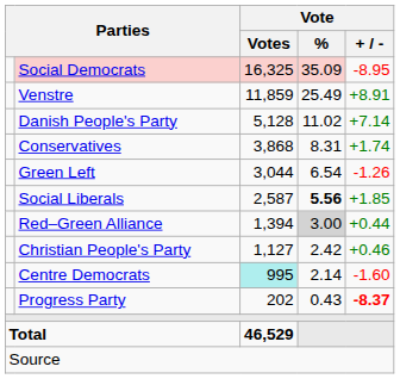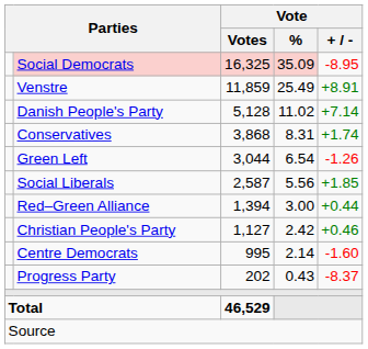 <table class="wikitable" style="text-align:right;">
 <tr>
 <th style="text-align:centre;" rowspan="2" colspan="2" width="225">Parties</th>
 <th colspan="3">Vote</th>
 </tr>
 <tr>
 <th width="15">Votes</th>
 <th width="15">%</th>
 <th width="15">+ / -</th>
 </tr>
 <tr>
 <td width="2" style="color:inherit;background:"></td>
 <td bgcolor=#fbd0ce  align="left"><a href='#'>Social Democrats</a></td>
 <td bgcolor=#fbd0ce>16,325</td>
 <td bgcolor=#fbd0ce>35.09</td>
 <td style=color:red;>-8.95</td>
 </tr>
 <tr>
 <td width="2" style="color:inherit;background:"></td>
 <td align="left"><a href='#'>Venstre</a></td>
 <td>11,859</td>
 <td>25.49</td>
 <td style=color:green;>+8.91</td>
 </tr>
 <tr>
 <td width="2" style="color:inherit;background:"></td>
 <td align="left"><a href='#'>Danish People's Party</a></td>
 <td>5,128</td>
 <td>11.02</td>
 <td style=color:green;>+7.14</td>
 </tr>
 <tr>
 <td width="2" style="color:inherit;background:"></td>
 <td align="left"><a href='#'>Conservatives</a></td>
 <td>3,868</td>
 <td>8.31</td>
 <td style=color:green;>+1.74</td>
 </tr>
 <tr>
 <td width="2" style="color:inherit;background:"></td>
 <td align="left"><a href='#'>Green Left</a></td>
 <td>3,044</td>
 <td>6.54</td>
 <td style=color:red;>-1.26</td>
 </tr>
 <tr>
 <td width="2" style="color:inherit;background:"></td>
 <td align="left"><a href='#'>Social Liberals</a></td>
 <td>2,587</td>
-<td><strong>5.56</strong></td>
+<td>5.56</td>
 <td style=color:green;>+1.85</td>
 </tr>
 <tr>
 <td width="2" style="color:inherit;background:"></td>
 <td align="left"><a href='#'>Red–Green Alliance</a></td>
 <td>1,394</td>
-<td style="background: lightgrey;">3.00</td>
+<td>3.00</td>
 <td style=color:green;>+0.44</td>
 </tr>
 <tr>
 <td width="2" style="color:inherit;background:"></td>
 <td align="left"><a href='#'>Christian People's Party</a></td>
 <td>1,127</td>
 <td>2.42</td>
 <td style=color:green;>+0.46</td>
 </tr>
 <tr>
 <td width="2" style="color:inherit;background:"></td>
 <td align="left"><a href='#'>Centre Democrats</a></td>
-<td style="background: paleturquoise;">995</td>
+<td>995</td>
 <td>2.14</td>
 <td style=color:red;>-1.60</td>
 </tr>
 <tr>
 <td width="2" style="color:inherit;background:"></td>
 <td align="left"><a href='#'>Progress Party</a></td>
 <td>202</td>
 <td>0.43</td>
-<td style=color:red;><strong>-8.37</strong></td>
+<td style=color:red;>-8.37</td>
 </tr>
 <tr>
 <td colspan="7" bgcolor="#E9E9E9"></td>
 </tr>
 <tr>
 <td align="left" colspan="2"><strong>Total</strong></td>
 <td><strong>46,529</strong></td>
 <td bgcolor="#E9E9E9" colspan="2"></td>
 </tr>
 <tr>
 <td align="left" colspan="6">Source</td>
 </tr>
 </table>
